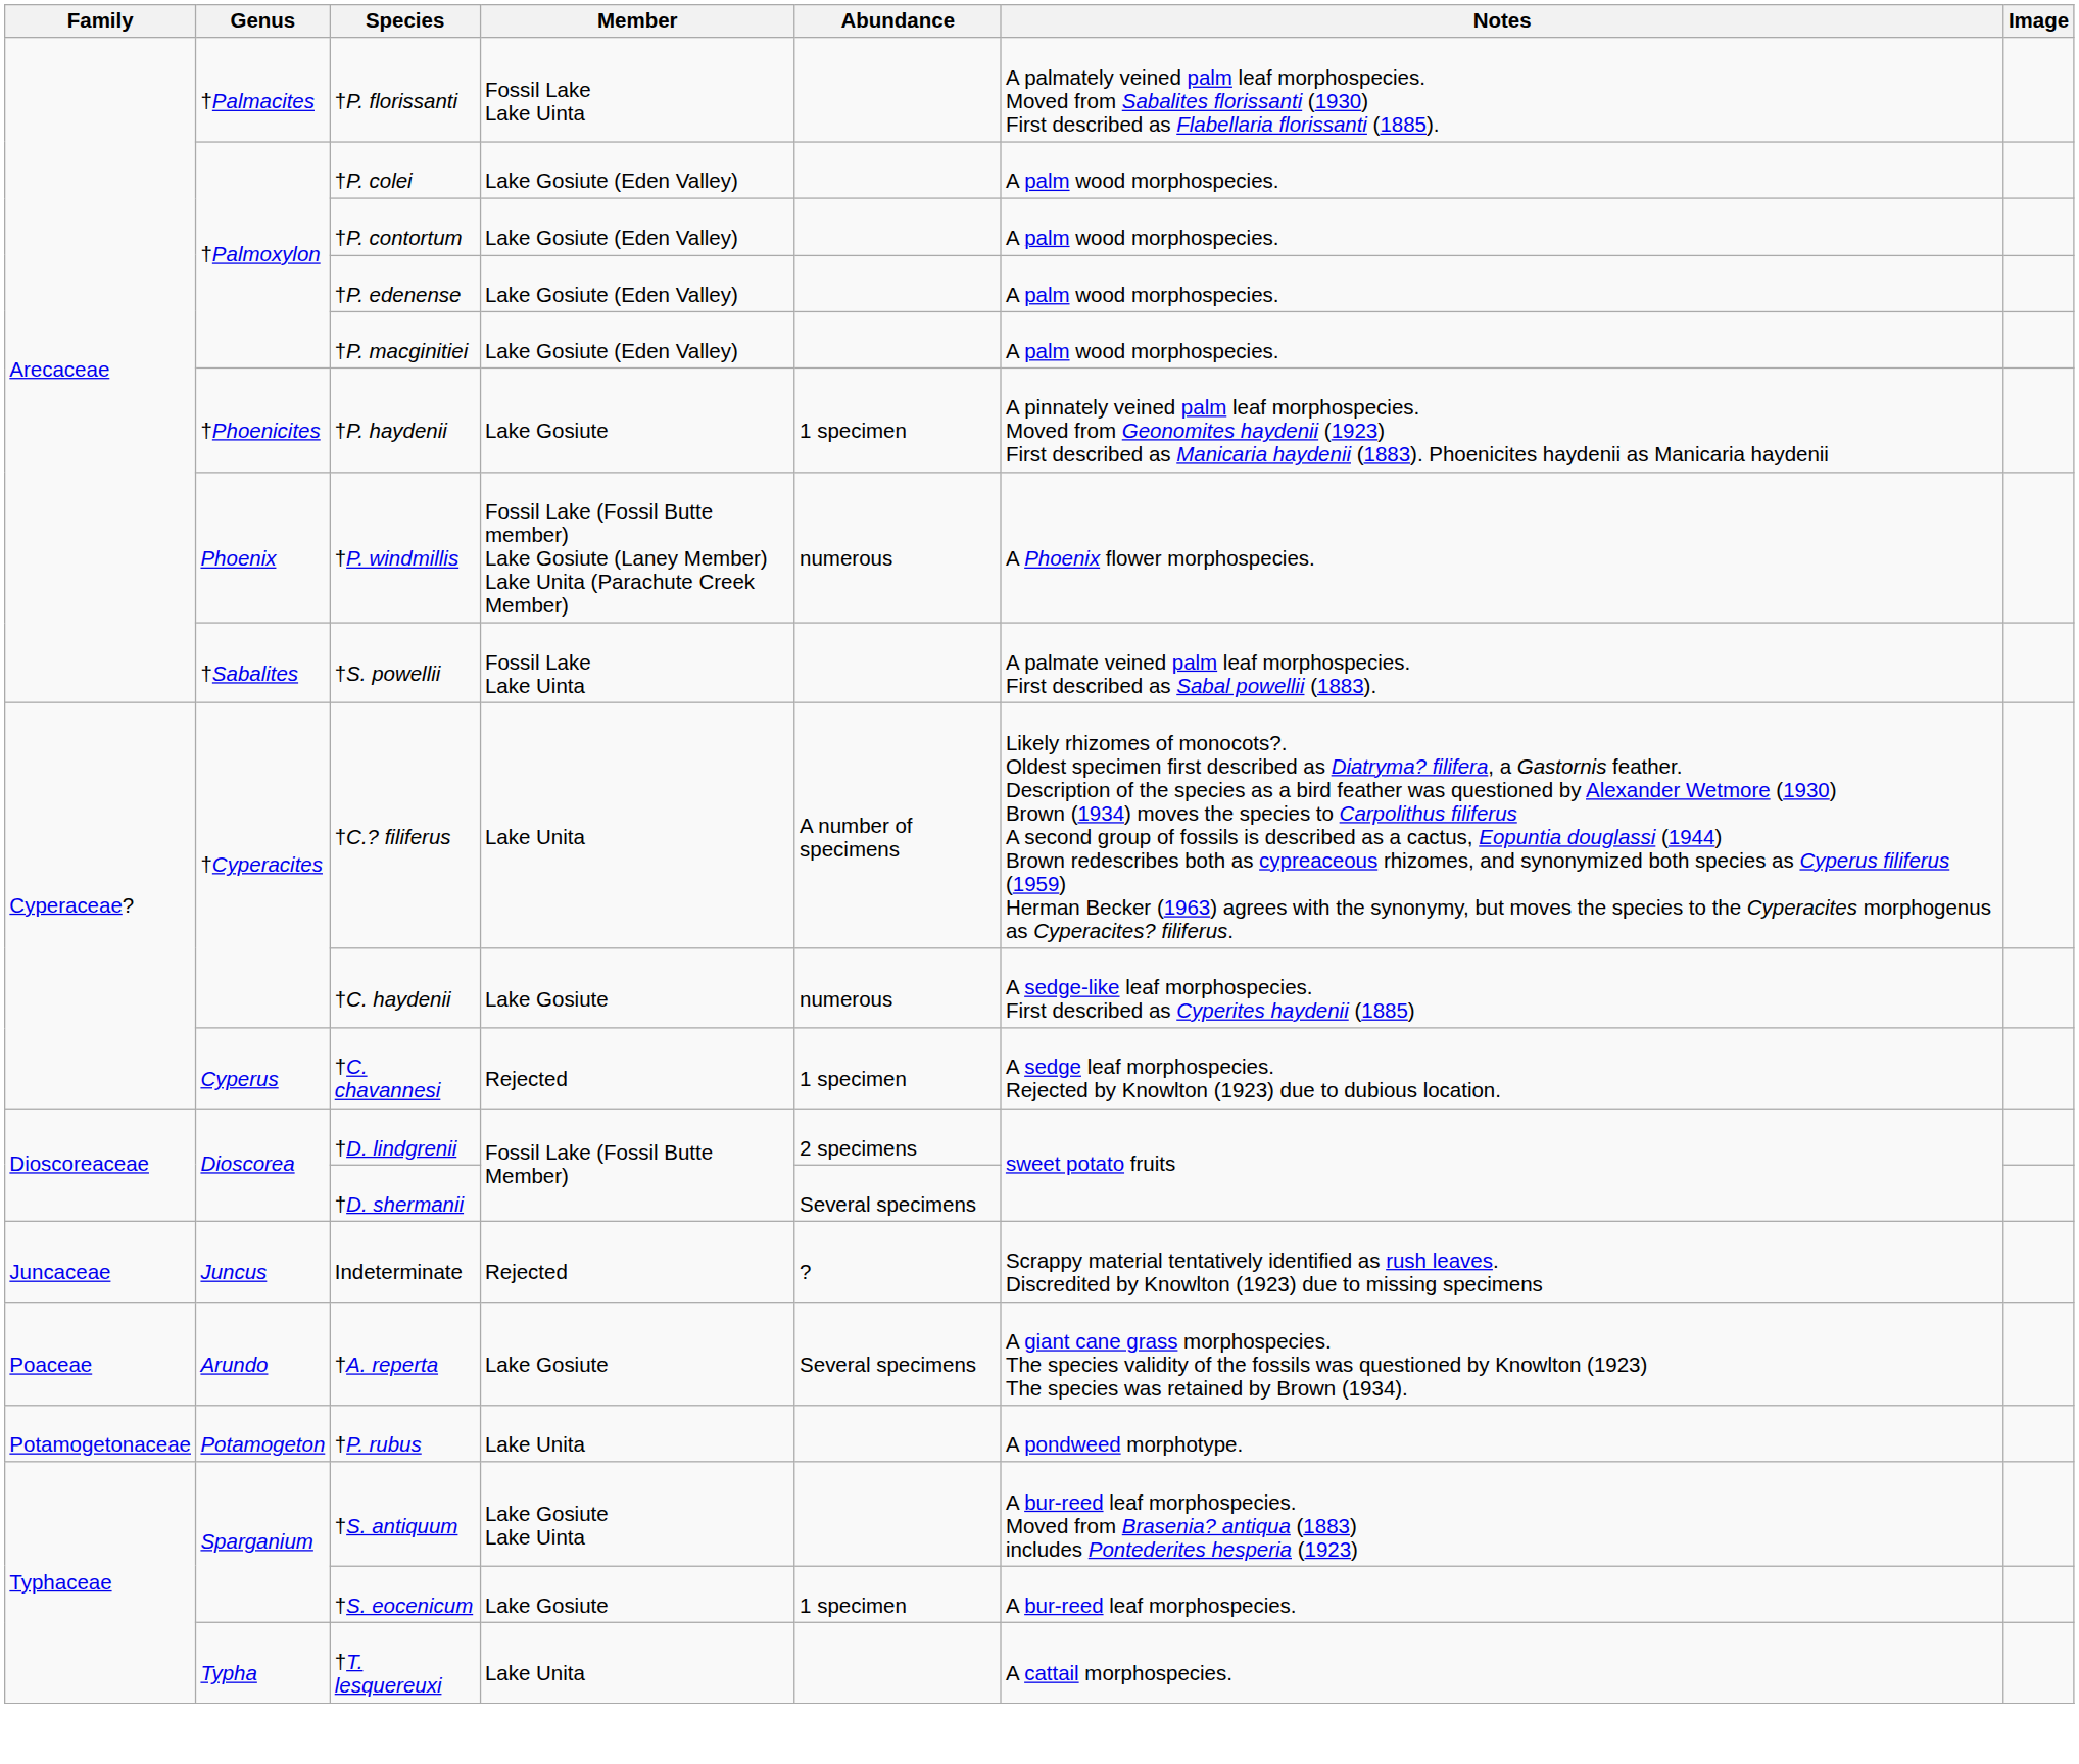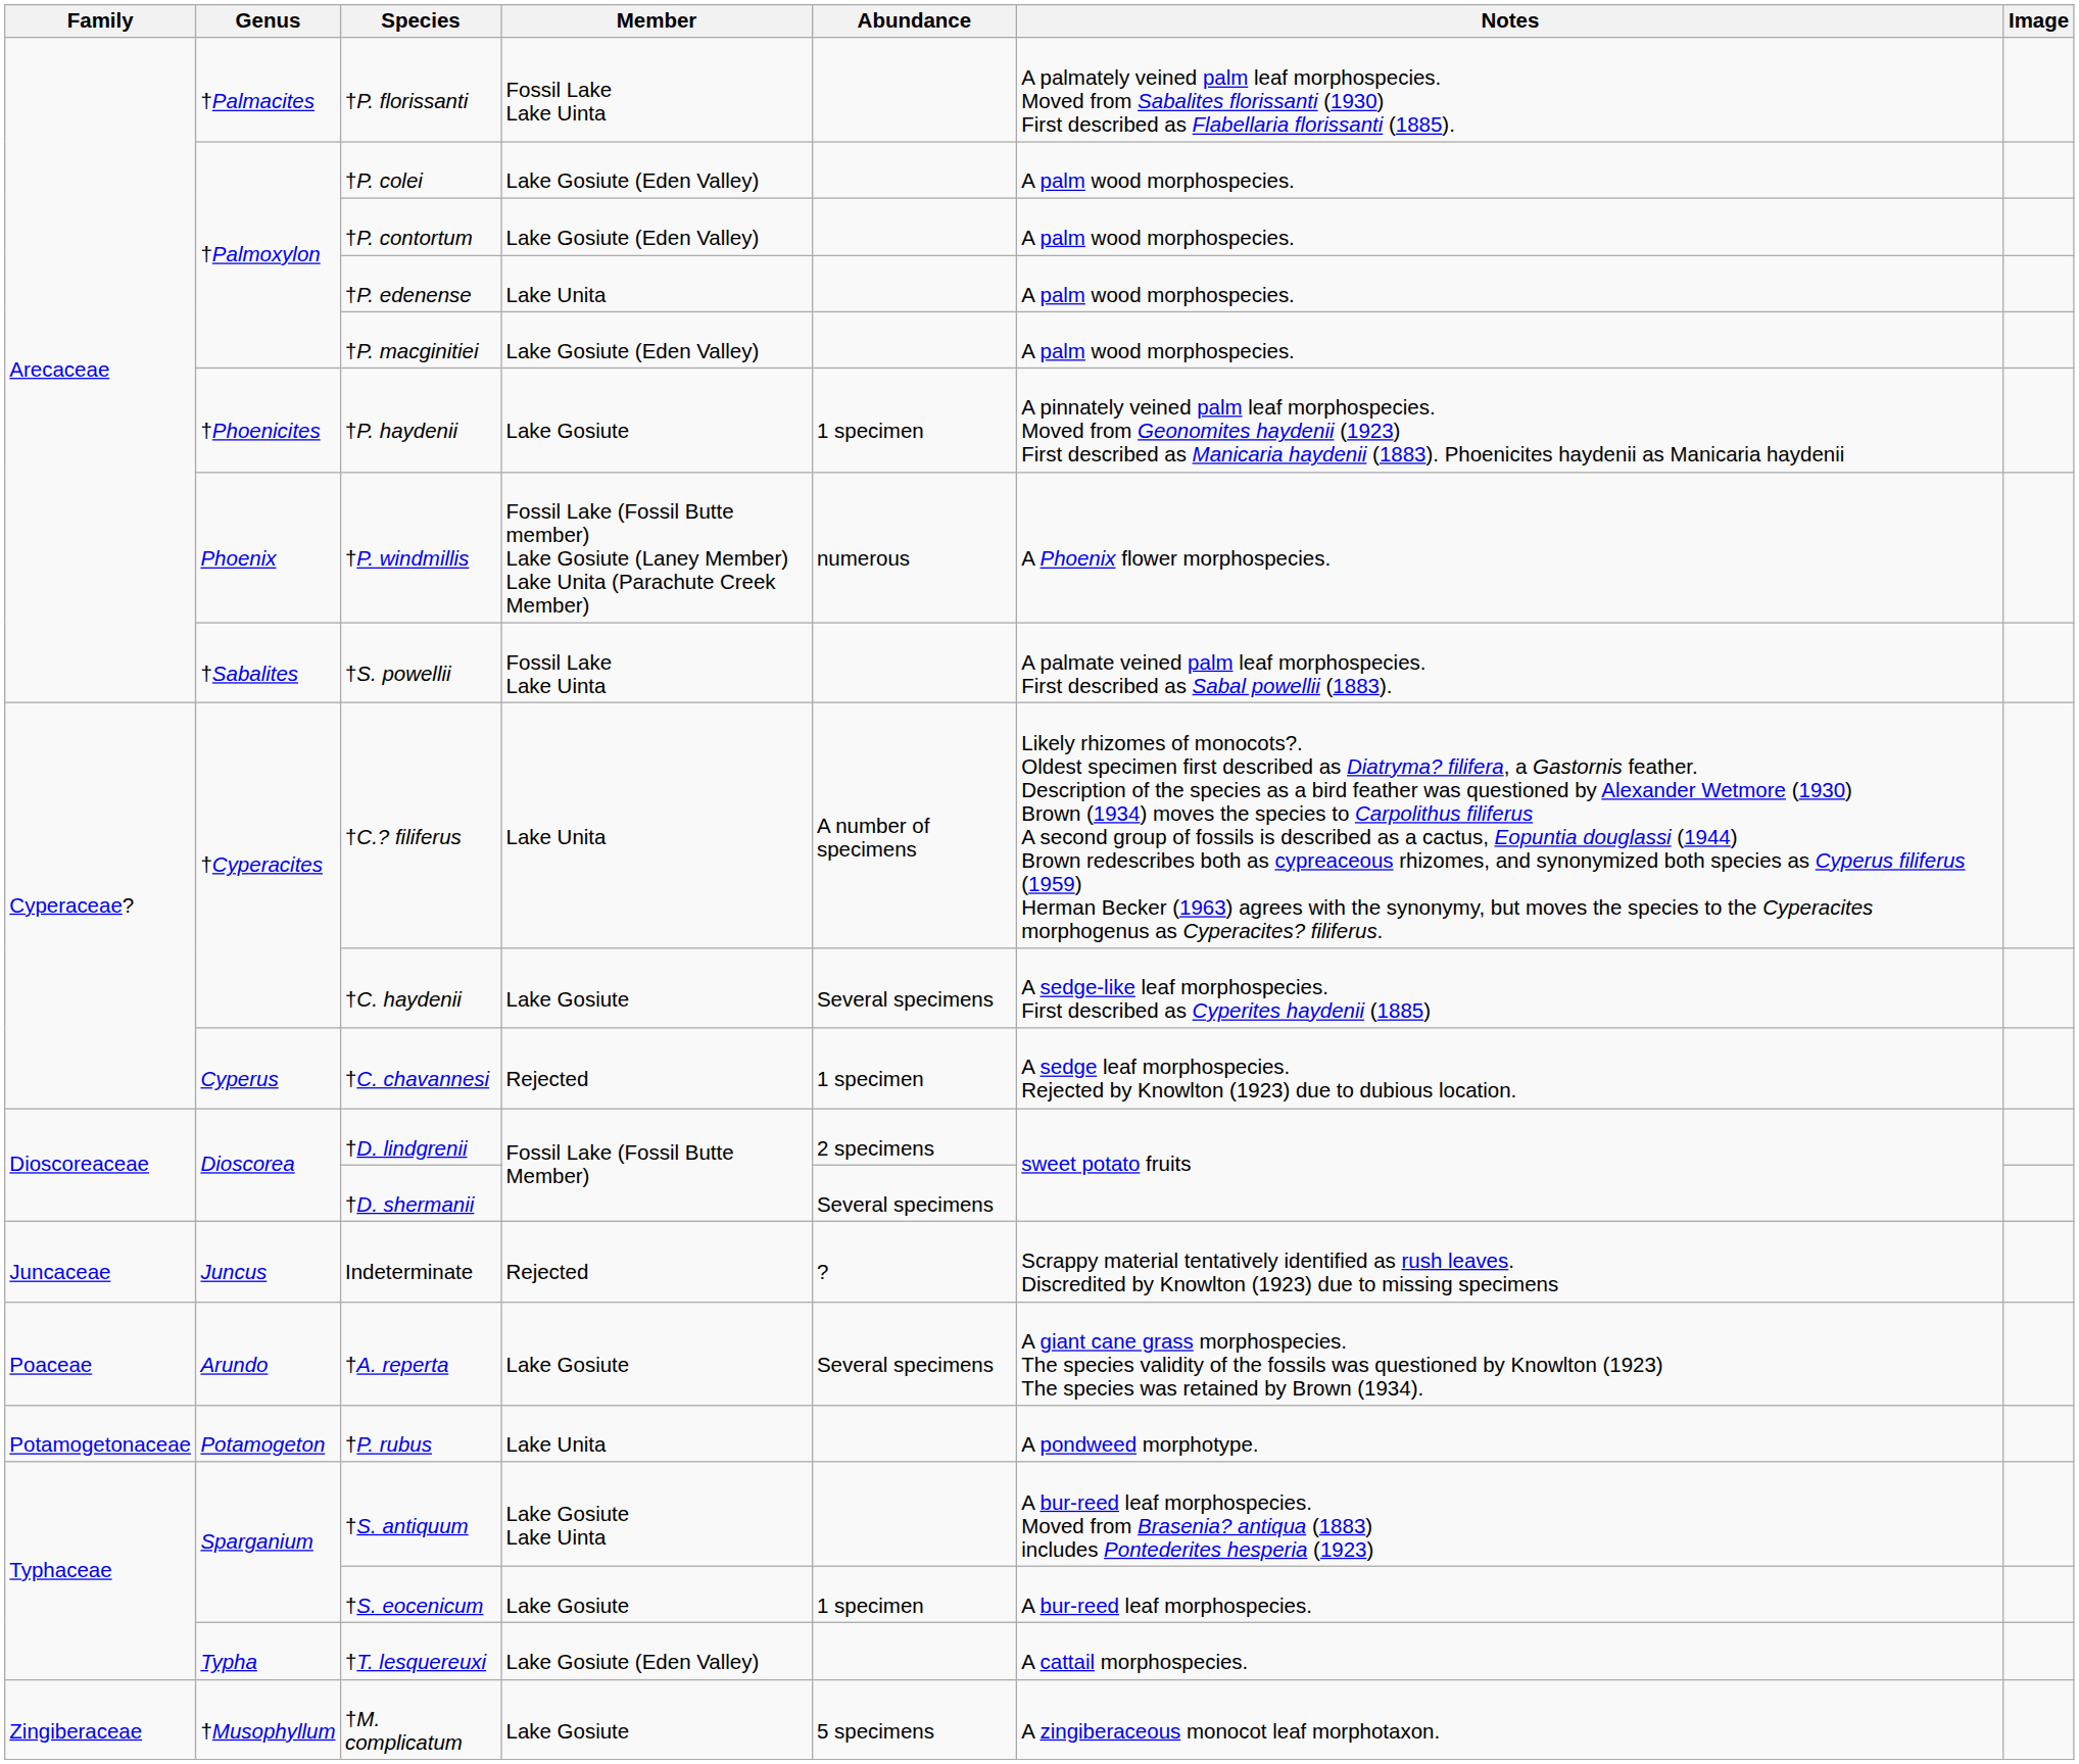 <table class="wikitable" style="margin:auto;width:100%;">
 <tr>
 <th>Family</th>
 <th>Genus</th>
 <th>Species</th>
 <th>Member</th>
 <th>Abundance</th>
 <th>Notes</th>
 <th>Image</th>
 </tr>
 <tr>
 <td Rowspan=8><a href='#'>Arecaceae</a></td>
 <td><br>†<em><a href='#'>Palmacites</a></em></td>
 <td><br>†<em>P. florissanti</em> </td>
 <td><br>Fossil Lake<br>Lake Uinta</td>
 <td></td>
 <td><br>A palmately veined <a href='#'>palm</a> leaf morphospecies.<br>Moved from <em><a href='#'>Sabalites florissanti</a></em> (<a href='#'>1930</a>)<br>First described as <em><a href='#'>Flabellaria florissanti</a></em> (<a href='#'>1885</a>).</td>
 <td></td>
 </tr>
 <tr>
 <td rowspan=4>†<em><a href='#'>Palmoxylon</a></em></td>
 <td><br>†<em>P. colei</em> </td>
 <td><br>Lake Gosiute (Eden Valley)</td>
 <td></td>
 <td><br>A <a href='#'>palm</a> wood morphospecies.</td>
 <td></td>
 </tr>
 <tr>
 <td><br>†<em>P. contortum</em> </td>
 <td><br>Lake Gosiute (Eden Valley)</td>
 <td></td>
 <td><br>A <a href='#'>palm</a> wood morphospecies.</td>
 <td></td>
 </tr>
 <tr>
 <td><br>†<em>P. edenense</em> </td>
-<td><br>Lake Gosiute (Eden Valley)</td>
+<td><br>Lake Unita</td>
 <td></td>
 <td><br>A <a href='#'>palm</a> wood morphospecies.</td>
 <td></td>
 </tr>
 <tr>
 <td><br>†<em>P. macginitiei</em> </td>
 <td><br>Lake Gosiute (Eden Valley)</td>
 <td></td>
 <td><br>A <a href='#'>palm</a> wood morphospecies.</td>
 <td></td>
 </tr>
 <tr>
 <td><br>†<em><a href='#'>Phoenicites</a></em></td>
 <td><br>†<em>P. haydenii</em> </td>
 <td><br>Lake Gosiute</td>
 <td><br>1 specimen</td>
 <td><br>A pinnately veined <a href='#'>palm</a> leaf morphospecies.<br>Moved from <em><a href='#'>Geonomites haydenii</a></em> (<a href='#'>1923</a>)<br>First described as <em><a href='#'>Manicaria haydenii</a></em> (<a href='#'>1883</a>).  Phoenicites haydenii as Manicaria haydenii</td>
 <td><br></td>
 </tr>
 <tr>
 <td><br><em><a href='#'>Phoenix</a></em></td>
 <td><br>†<em><a href='#'>P. windmillis</a></em></td>
 <td><br>Fossil Lake (Fossil Butte member)<br> Lake Gosiute (Laney Member)<br> Lake Unita (Parachute Creek Member)</td>
 <td><br>numerous</td>
 <td><br>A <em><a href='#'>Phoenix</a></em> flower morphospecies.</td>
 <td><br></td>
 </tr>
 <tr>
 <td><br>†<em><a href='#'>Sabalites</a></em></td>
 <td><br>†<em>S. powellii</em> </td>
 <td><br>Fossil Lake<br>Lake Uinta</td>
 <td></td>
 <td><br>A palmate veined <a href='#'>palm</a> leaf morphospecies.<br>First described as <em><a href='#'>Sabal powellii</a></em> (<a href='#'>1883</a>).</td>
 <td><br></td>
 </tr>
 <tr>
 <td rowspan=3><a href='#'>Cyperaceae</a>?</td>
 <td rowspan=2>†<em><a href='#'>Cyperacites</a></em></td>
 <td><br>†<em>C.? filiferus</em></td>
 <td><br>Lake Unita</td>
 <td><br>A number of specimens</td>
 <td><br>Likely rhizomes of monocots?.<br>Oldest specimen first described as <em><a href='#'>Diatryma? filifera</a></em>, a <em>Gastornis</em> feather.<br>Description of the species as a bird feather was questioned by <a href='#'>Alexander Wetmore</a> (<a href='#'>1930</a>)<br>Brown (<a href='#'>1934</a>) moves the species to <em><a href='#'>Carpolithus filiferus</a></em><br>A second group of fossils is described as a cactus, <em><a href='#'>Eopuntia douglassi</a></em> (<a href='#'>1944</a>)<br>Brown redescribes both as <a href='#'>cypreaceous</a> rhizomes, and synonymized both species as <em><a href='#'>Cyperus filiferus</a></em> (<a href='#'>1959</a>)<br>Herman Becker (<a href='#'>1963</a>) agrees with the synonymy, but moves the species to the <em>Cyperacites</em> morphogenus as <em>Cyperacites? filiferus</em>.</td>
 <td><br></td>
 </tr>
 <tr>
 <td><br>†<em>C. haydenii</em> </td>
 <td><br>Lake Gosiute</td>
-<td><br>numerous</td>
+<td><br>Several specimens</td>
 <td><br>A <a href='#'>sedge-like</a> leaf morphospecies.<br>First described as <em><a href='#'>Cyperites haydenii</a></em> (<a href='#'>1885</a>)</td>
 <td><br></td>
 </tr>
 <tr>
 <td><br><em><a href='#'>Cyperus</a></em></td>
 <td><br>†<em><a href='#'>C. chavannesi</a></em> </td>
 <td><br>Rejected</td>
 <td><br>1 specimen</td>
 <td><br>A <a href='#'>sedge</a> leaf morphospecies.<br>Rejected by Knowlton (1923) due to dubious location.</td>
 <td></td>
 </tr>
 <tr>
 <td rowspan=2><a href='#'>Dioscoreaceae</a></td>
 <td rowspan=2><em><a href='#'>Dioscorea</a></em></td>
 <td><br>†<em><a href='#'>D. lindgrenii</a></em> </td>
 <td rowspan=2>Fossil Lake (Fossil Butte Member)</td>
 <td><br>2 specimens</td>
 <td rowspan=2><a href='#'>sweet potato</a> fruits</td>
 <td></td>
 </tr>
 <tr>
 <td><br>†<em><a href='#'>D. shermanii</a></em> </td>
 <td><br>Several specimens</td>
 <td></td>
 </tr>
 <tr>
 <td><br><a href='#'>Juncaceae</a></td>
 <td><br><em><a href='#'>Juncus</a></em></td>
 <td><br>Indeterminate</td>
 <td><br>Rejected</td>
 <td><br>?</td>
 <td><br>Scrappy material tentatively identified as <a href='#'>rush leaves</a>.<br>Discredited by Knowlton (1923) due to missing specimens</td>
 <td></td>
 </tr>
 <tr>
 <td><br><a href='#'>Poaceae</a></td>
 <td><br><em><a href='#'>Arundo</a></em></td>
 <td><br>†<em><a href='#'>A. reperta</a></em> </td>
 <td><br>Lake Gosiute</td>
 <td><br>Several specimens</td>
 <td><br>A <a href='#'>giant cane grass</a> morphospecies.<br>The species validity of the fossils was questioned by Knowlton (1923)<br>The species was retained by Brown (1934).</td>
 <td><br></td>
 </tr>
 <tr>
 <td><br><a href='#'>Potamogetonaceae</a></td>
 <td><br><em><a href='#'>Potamogeton</a></em></td>
 <td><br>†<em><a href='#'>P. rubus</a></em> </td>
 <td><br>Lake Unita</td>
 <td></td>
 <td><br>A <a href='#'>pondweed</a> morphotype.</td>
 <td></td>
 </tr>
 <tr>
 <td rowspan=3><a href='#'>Typhaceae</a></td>
 <td rowspan=2><em><a href='#'>Sparganium</a></em></td>
 <td><br>†<em><a href='#'>S. antiquum</a></em> </td>
 <td><br>Lake Gosiute<br>Lake Uinta</td>
 <td></td>
 <td><br>A <a href='#'>bur-reed</a> leaf morphospecies.<br>Moved from <em><a href='#'>Brasenia? antiqua</a></em> (<a href='#'>1883</a>)<br>includes <em><a href='#'>Pontederites hesperia</a></em> (<a href='#'>1923</a>)</td>
 <td><br></td>
 </tr>
 <tr>
 <td><br>†<em><a href='#'>S. eocenicum</a></em> </td>
 <td><br>Lake Gosiute</td>
 <td><br>1 specimen</td>
 <td><br>A <a href='#'>bur-reed</a> leaf morphospecies.</td>
 <td></td>
 </tr>
 <tr>
 <td><br><em><a href='#'>Typha</a></em></td>
 <td><br>†<em><a href='#'>T. lesquereuxi</a></em> </td>
-<td><br>Lake Unita</td>
+<td><br>Lake Gosiute (Eden Valley)</td>
 <td></td>
 <td><br>A <a href='#'>cattail</a> morphospecies.</td>
 <td></td>
 </tr>
 <tr>
+<td><br><a href='#'>Zingiberaceae</a></td>
+<td><br>†<em><a href='#'>Musophyllum</a></em></td>
+<td><br>†<em>M. complicatum</em> </td>
+<td><br>Lake Gosiute</td>
+<td><br>5 specimens</td>
+<td><br>A <a href='#'>zingiberaceous</a> monocot leaf morphotaxon.</td>
+<td></td>
+</tr>
+<tr>
 </tr>
 </table>
